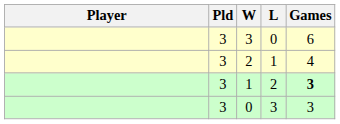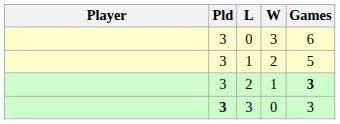 <table class="wikitable" style="text-align:center">
 <tr>
 <th width=220>Player</th>
 <th width=20>Pld</th>
+<th width=20>L</th>
 <th width=20>W</th>
-<th width=20>L</th>
 <th width=20>Games</th>
 </tr>
 <tr bgcolor=#ffc>
 <td style="text-align:left;"><strong></strong></td>
 <td>3</td>
+<td>0</td>
 <td>3</td>
-<td>0</td>
 <td>6</td>
 </tr>
 <tr bgcolor=#ffc>
 <td style="text-align:left;"><strong></strong></td>
 <td>3</td>
+<td>1</td>
 <td>2</td>
-<td>1</td>
-<td>4</td>
+<td>5</td>
 </tr>
 <tr bgcolor=#cfc>
 <td style="text-align:left;"></td>
 <td>3</td>
+<td>2</td>
 <td>1</td>
-<td>2</td>
 <td><strong>3</strong></td>
 </tr>
 <tr bgcolor=#cfc>
 <td style="text-align:left;"></td>
+<td><strong>3</strong></td>
 <td>3</td>
 <td>0</td>
 <td>3</td>
-<td>3</td>
 </tr>
 </table>
